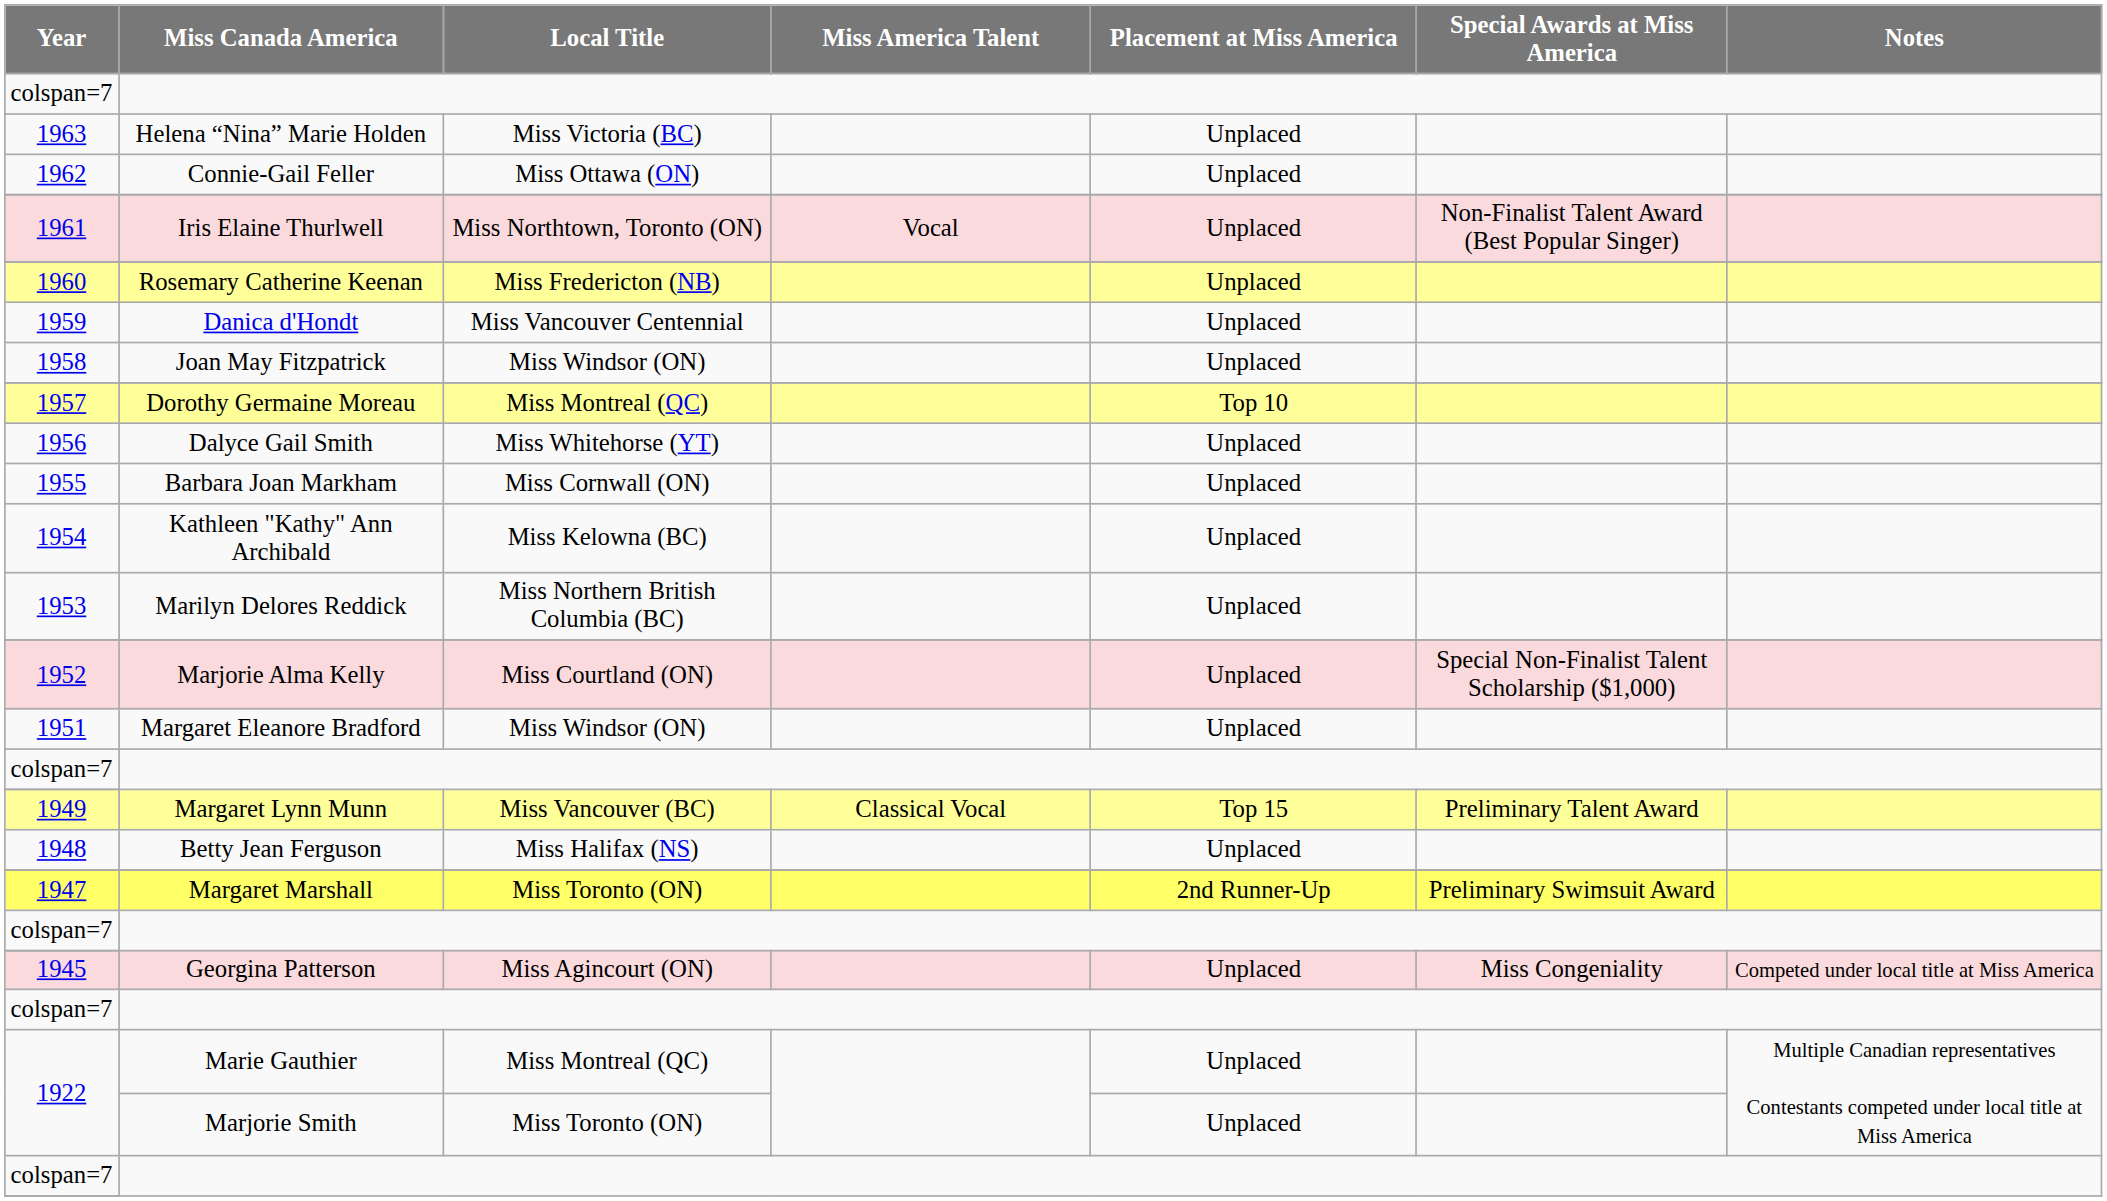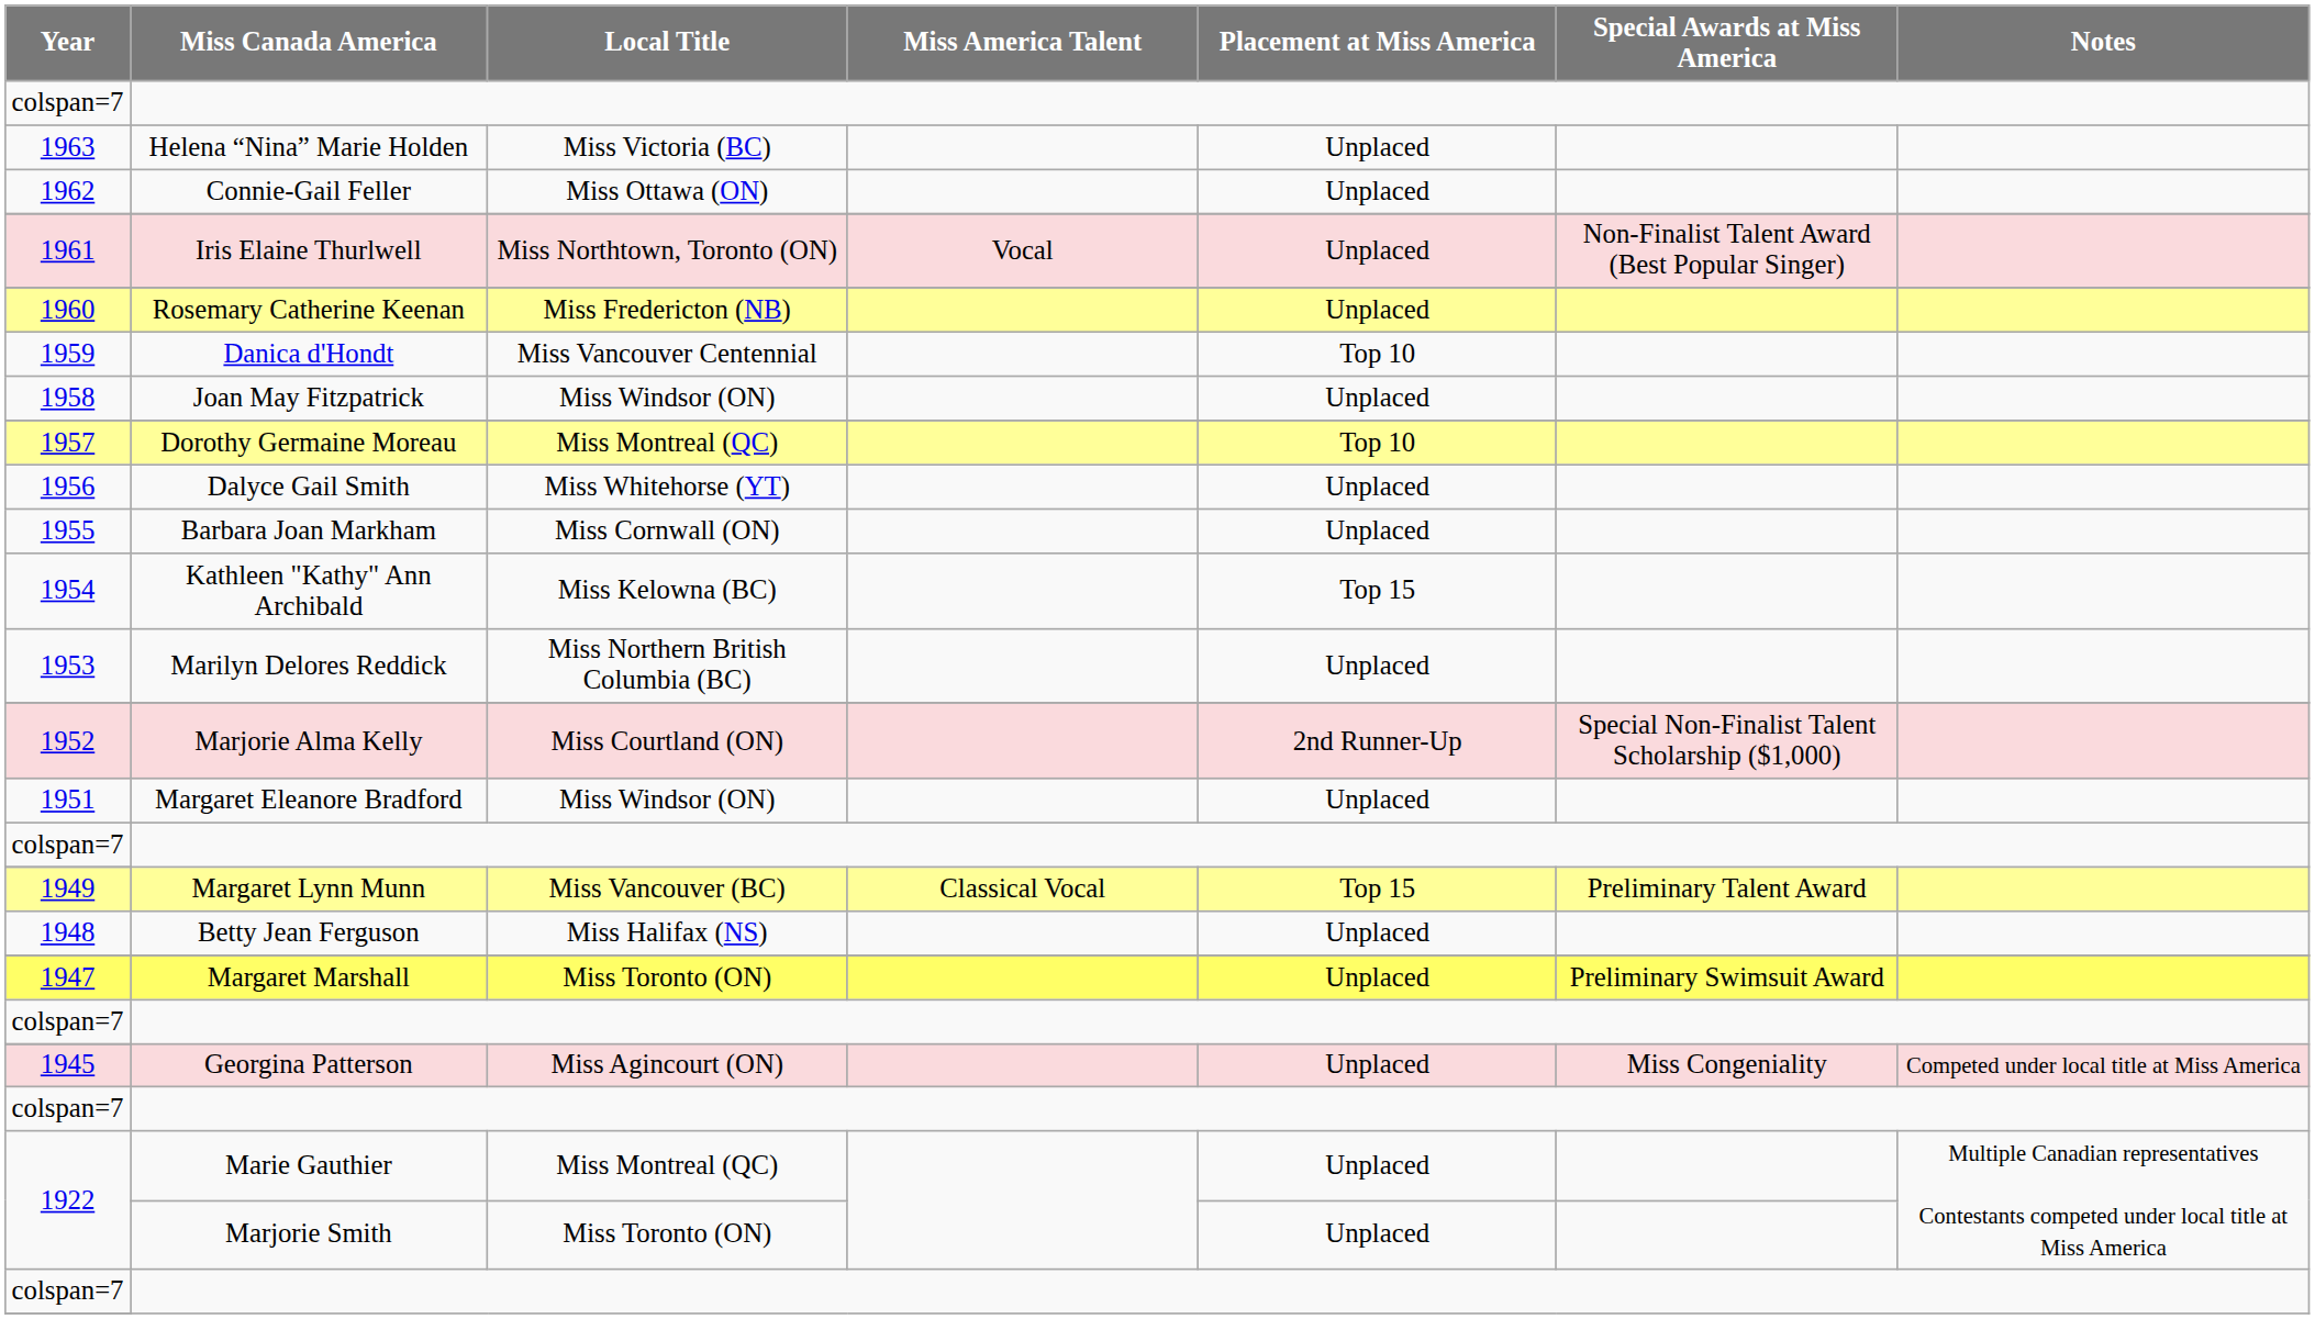 <table class="wikitable" style="font-size: 92%; text-align:center">
 <tr>
 <th width="60" style="background-color:#787878;color:#FFFFFF;">Year</th>
 <th width="250" style="background-color:#787878;color:#FFFFFF;">Miss Canada America</th>
 <th width="250" style="background-color:#787878;color:#FFFFFF;">Local Title</th>
 <th width="250" style="background-color:#787878;color:#FFFFFF;">Miss America Talent</th>
 <th width="250" style="background-color:#787878;color:#FFFFFF;">Placement at Miss America</th>
 <th width="230" style="background-color:#787878;color:#FFFFFF;">Special Awards at Miss America</th>
 <th width="290" style="background-color:#787878;color:#FFFFFF;">Notes</th>
 </tr>
 <tr>
 <td>colspan=7 </td>
 </tr>
 <tr>
 <td><a href='#'>1963</a></td>
 <td>Helena “Nina” Marie Holden</td>
 <td>Miss Victoria (<a href='#'>BC</a>)</td>
 <td></td>
 <td>Unplaced</td>
 <td></td>
 <td></td>
 </tr>
 <tr>
 <td><a href='#'>1962</a></td>
 <td>Connie-Gail Feller</td>
 <td>Miss Ottawa (<a href='#'>ON</a>)</td>
 <td></td>
 <td>Unplaced</td>
 <td></td>
 <td></td>
 </tr>
 <tr>
 </tr>
 <tr style="background-color:#FADADD;">
 <td><a href='#'>1961</a></td>
 <td>Iris Elaine Thurlwell</td>
 <td>Miss Northtown, Toronto (ON)</td>
 <td>Vocal</td>
 <td>Unplaced</td>
 <td>Non-Finalist Talent Award (Best Popular Singer)</td>
 <td></td>
 </tr>
 <tr>
 </tr>
 <tr style="background-color:#FFFF99;">
 <td><a href='#'>1960</a></td>
 <td>Rosemary Catherine Keenan</td>
 <td>Miss Fredericton (<a href='#'>NB</a>)</td>
 <td></td>
 <td>Unplaced</td>
 <td></td>
 <td></td>
 </tr>
 <tr>
 <td><a href='#'>1959</a></td>
 <td><a href='#'>Danica d'Hondt</a></td>
 <td>Miss Vancouver Centennial</td>
 <td></td>
-<td>Unplaced</td>
+<td>Top 10</td>
 <td></td>
 <td></td>
 </tr>
 <tr>
 <td><a href='#'>1958</a></td>
 <td>Joan May Fitzpatrick</td>
 <td>Miss Windsor (ON)</td>
 <td></td>
 <td>Unplaced</td>
 <td></td>
 <td></td>
 </tr>
 <tr>
 </tr>
 <tr style="background-color:#FFFF99;">
 <td><a href='#'>1957</a></td>
 <td>Dorothy Germaine Moreau</td>
 <td>Miss Montreal (<a href='#'>QC</a>)</td>
 <td></td>
 <td>Top 10</td>
 <td></td>
 <td></td>
 </tr>
 <tr>
 <td><a href='#'>1956</a></td>
 <td>Dalyce Gail Smith</td>
 <td>Miss Whitehorse (<a href='#'>YT</a>)</td>
 <td></td>
 <td>Unplaced</td>
 <td></td>
 <td></td>
 </tr>
 <tr>
 <td><a href='#'>1955</a></td>
 <td>Barbara Joan Markham</td>
 <td>Miss Cornwall (ON)</td>
 <td></td>
 <td>Unplaced</td>
 <td></td>
 <td></td>
 </tr>
 <tr>
 <td><a href='#'>1954</a></td>
 <td>Kathleen "Kathy" Ann Archibald</td>
 <td>Miss Kelowna (BC)</td>
 <td></td>
-<td>Unplaced</td>
+<td>Top 15</td>
 <td></td>
 <td></td>
 </tr>
 <tr>
 <td><a href='#'>1953</a></td>
 <td>Marilyn Delores Reddick</td>
 <td>Miss Northern British Columbia (BC)</td>
 <td></td>
 <td>Unplaced</td>
 <td></td>
 <td></td>
 </tr>
 <tr>
 </tr>
 <tr style="background-color:#FADADD;">
 <td><a href='#'>1952</a></td>
 <td>Marjorie Alma Kelly</td>
 <td>Miss Courtland (ON)</td>
 <td></td>
-<td>Unplaced</td>
+<td>2nd Runner-Up</td>
 <td>Special Non-Finalist Talent Scholarship ($1,000)</td>
 <td></td>
 </tr>
 <tr>
 <td><a href='#'>1951</a></td>
 <td>Margaret Eleanore Bradford</td>
 <td>Miss Windsor (ON)</td>
 <td></td>
 <td>Unplaced</td>
 <td></td>
 <td></td>
 </tr>
 <tr>
 <td>colspan=7 </td>
 </tr>
 <tr>
 </tr>
 <tr style="background-color:#FFFF99;">
 <td><a href='#'>1949</a></td>
 <td>Margaret Lynn Munn</td>
 <td>Miss Vancouver (BC)</td>
 <td>Classical Vocal</td>
 <td>Top 15</td>
 <td>Preliminary Talent Award</td>
 <td></td>
 </tr>
 <tr>
 <td><a href='#'>1948</a></td>
 <td>Betty Jean Ferguson</td>
 <td>Miss Halifax (<a href='#'>NS</a>)</td>
 <td></td>
 <td>Unplaced</td>
 <td></td>
 <td></td>
 </tr>
 <tr>
 </tr>
 <tr style="background-color:#FFFF66;">
 <td><a href='#'>1947</a></td>
 <td>Margaret Marshall</td>
 <td>Miss Toronto (ON)</td>
 <td></td>
-<td>2nd Runner-Up</td>
+<td>Unplaced</td>
 <td>Preliminary Swimsuit Award</td>
 <td></td>
 </tr>
 <tr>
 <td>colspan=7 </td>
 </tr>
 <tr>
 </tr>
 <tr style="background-color:#FADADD;">
 <td><a href='#'>1945</a></td>
 <td>Georgina Patterson</td>
 <td>Miss Agincourt (ON)</td>
 <td></td>
 <td>Unplaced</td>
 <td>Miss Congeniality</td>
 <td><small>Competed under local title at Miss America</small></td>
 </tr>
 <tr>
 <td>colspan=7 </td>
 </tr>
 <tr>
 <td rowspan= 2><a href='#'>1922</a></td>
 <td>Marie Gauthier</td>
 <td>Miss Montreal (QC)</td>
 <td rowspan=2></td>
 <td>Unplaced</td>
 <td></td>
 <td rowspan = 2><small>Multiple Canadian representatives<br><br>Contestants competed under local title at Miss America</small></td>
 </tr>
 <tr>
 <td>Marjorie Smith</td>
 <td>Miss Toronto (ON)</td>
 <td>Unplaced</td>
 <td></td>
 </tr>
 <tr>
 <td>colspan=7 </td>
 </tr>
 <tr>
 </tr>
 </table>
